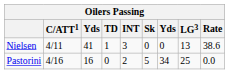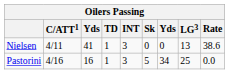 <table class="wikitable">
 <tr>
 <th colspan="9">Oilers Passing</th>
 </tr>
 <tr>
 <th></th>
 <th>C/ATT<sup>1</sup></th>
 <th>Yds</th>
 <th>TD</th>
 <th>INT</th>
 <th>Sk</th>
 <th>Yds</th>
 <th>LG<sup>3</sup></th>
 <th>Rate</th>
 </tr>
 <tr>
 <td><a href='#'>Nielsen</a></td>
 <td>4/11</td>
 <td>41</td>
 <td>1</td>
 <td>3</td>
 <td>0</td>
 <td>0</td>
 <td>13</td>
 <td>38.6</td>
 </tr>
 <tr>
 <td><a href='#'>Pastorini</a></td>
 <td>4/16</td>
 <td>16</td>
-<td>0</td>
-<td>2</td>
+<td>1</td>
+<td>3</td>
 <td>5</td>
 <td>34</td>
 <td>25</td>
 <td>0.0</td>
 </tr>
 </table>
